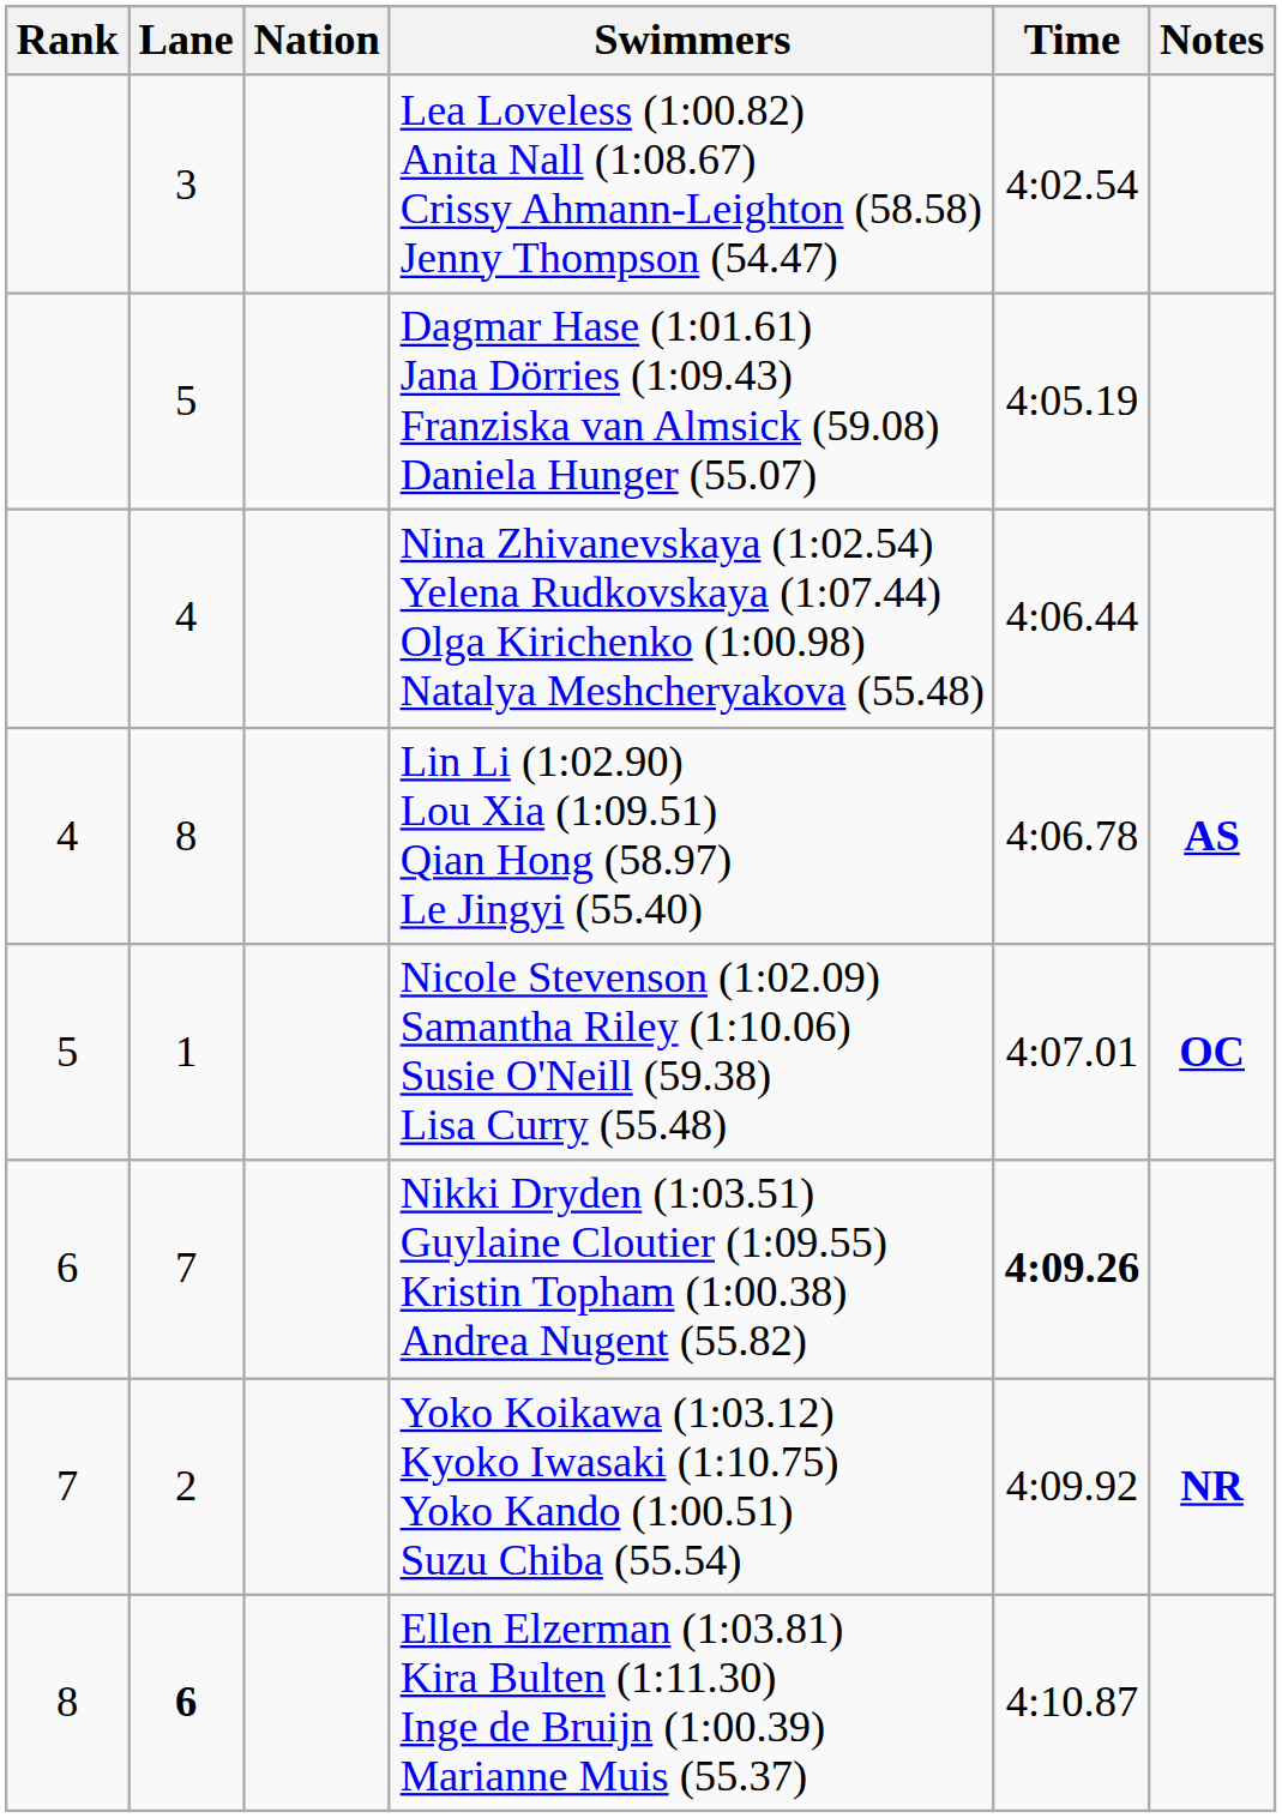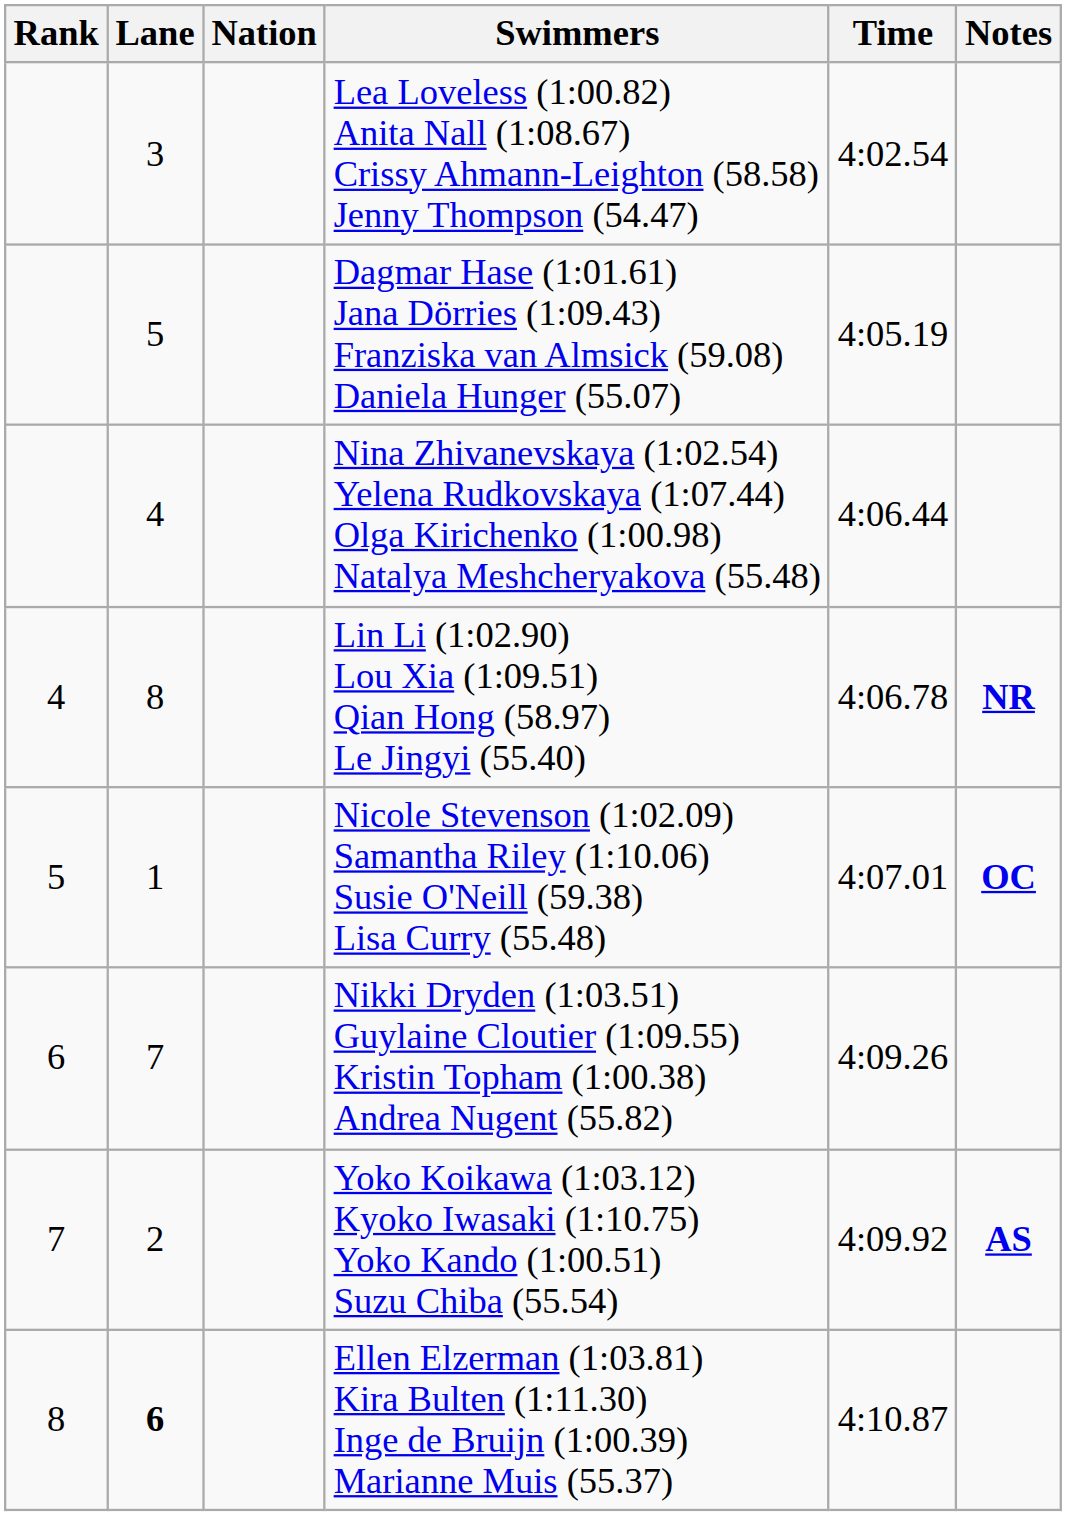 <table class="wikitable sortable" style="text-align:center">
 <tr>
 <th>Rank</th>
 <th>Lane</th>
 <th>Nation</th>
 <th>Swimmers</th>
 <th>Time</th>
 <th>Notes</th>
 </tr>
 <tr>
 <td></td>
 <td>3</td>
 <td align=left></td>
 <td align=left><a href='#'>Lea Loveless</a> (1:00.82)<br><a href='#'>Anita Nall</a> (1:08.67)<br><a href='#'>Crissy Ahmann-Leighton</a> (58.58)<br><a href='#'>Jenny Thompson</a> (54.47)</td>
 <td>4:02.54</td>
 <td></td>
 </tr>
 <tr>
 <td></td>
 <td>5</td>
 <td align=left></td>
 <td align=left><a href='#'>Dagmar Hase</a> (1:01.61)<br><a href='#'>Jana Dörries</a> (1:09.43)<br><a href='#'>Franziska van Almsick</a> (59.08)<br><a href='#'>Daniela Hunger</a> (55.07)</td>
 <td>4:05.19</td>
 <td></td>
 </tr>
 <tr>
 <td></td>
 <td>4</td>
 <td align=left></td>
 <td align=left><a href='#'>Nina Zhivanevskaya</a> (1:02.54)<br><a href='#'>Yelena Rudkovskaya</a> (1:07.44)<br><a href='#'>Olga Kirichenko</a> (1:00.98)<br><a href='#'>Natalya Meshcheryakova</a> (55.48)</td>
 <td>4:06.44</td>
 <td></td>
 </tr>
 <tr>
 <td>4</td>
 <td>8</td>
 <td align=left></td>
 <td align=left><a href='#'>Lin Li</a> (1:02.90)<br><a href='#'>Lou Xia</a> (1:09.51)<br><a href='#'>Qian Hong</a> (58.97)<br><a href='#'>Le Jingyi</a> (55.40)</td>
 <td>4:06.78</td>
-<td><strong><a href='#'>AS</a></strong></td>
+<td><strong><a href='#'>NR</a></strong></td>
 </tr>
 <tr>
 <td>5</td>
 <td>1</td>
 <td align=left></td>
 <td align=left><a href='#'>Nicole Stevenson</a> (1:02.09)<br><a href='#'>Samantha Riley</a> (1:10.06)<br><a href='#'>Susie O'Neill</a> (59.38)<br><a href='#'>Lisa Curry</a> (55.48)</td>
 <td>4:07.01</td>
 <td><strong><a href='#'>OC</a></strong></td>
 </tr>
 <tr>
 <td>6</td>
 <td>7</td>
 <td align=left></td>
 <td align=left><a href='#'>Nikki Dryden</a> (1:03.51)<br><a href='#'>Guylaine Cloutier</a> (1:09.55)<br><a href='#'>Kristin Topham</a> (1:00.38)<br><a href='#'>Andrea Nugent</a> (55.82)</td>
-<td><strong>4:09.26</strong></td>
+<td>4:09.26</td>
 <td></td>
 </tr>
 <tr>
 <td>7</td>
 <td>2</td>
 <td align=left></td>
 <td align=left><a href='#'>Yoko Koikawa</a> (1:03.12)<br><a href='#'>Kyoko Iwasaki</a> (1:10.75)<br><a href='#'>Yoko Kando</a> (1:00.51)<br><a href='#'>Suzu Chiba</a> (55.54)</td>
 <td>4:09.92</td>
-<td><strong><a href='#'>NR</a></strong></td>
+<td><strong><a href='#'>AS</a></strong></td>
 </tr>
 <tr>
 <td>8</td>
 <td><strong>6</strong></td>
 <td align=left></td>
 <td align=left><a href='#'>Ellen Elzerman</a> (1:03.81)<br><a href='#'>Kira Bulten</a> (1:11.30)<br><a href='#'>Inge de Bruijn</a> (1:00.39)<br><a href='#'>Marianne Muis</a> (55.37)</td>
 <td>4:10.87</td>
 <td></td>
 </tr>
 </table>
